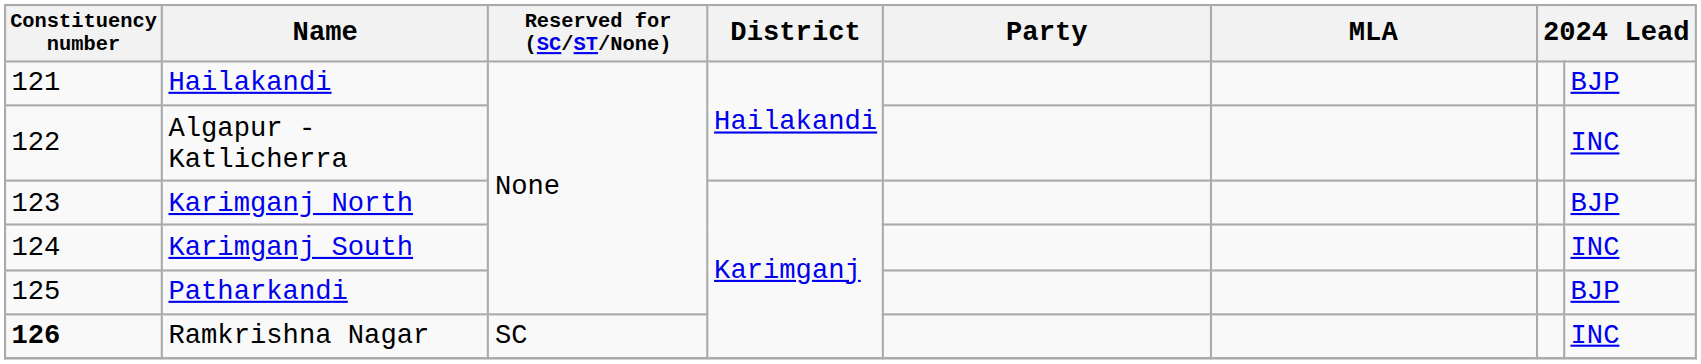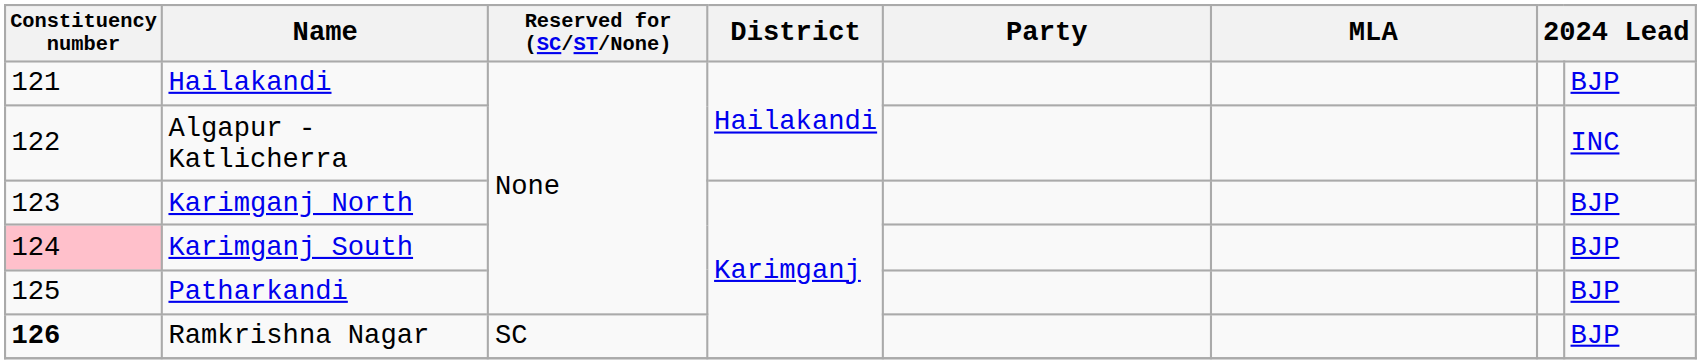 <table class="wikitable sortable">
 <tr>
 <th width="50px" style="font-size:75%">Constituency number</th>
 <th width="150px">Name</th>
 <th width="100px" style="font-size:75%">Reserved for (<a href='#'>SC</a>/<a href='#'>ST</a>/None)</th>
 <th>District</th>
 <th width="150px">Party</th>
 <th width="150px">MLA</th>
 <th colspan="2">2024 Lead</th>
 </tr>
 <tr>
 <td>121</td>
 <td><a href='#'>Hailakandi</a></td>
 <td Rowspan=5>None</td>
 <td rowspan="2"><a href='#'>Hailakandi</a></td>
 <td></td>
 <td></td>
 <td style="background-color: "></td>
 <td><a href='#'>BJP</a></td>
 </tr>
 <tr>
 <td>122</td>
 <td>Algapur - Katlicherra</td>
 <td></td>
 <td></td>
 <td style="background-color: "></td>
 <td><a href='#'>INC</a></td>
 </tr>
 <tr>
 <td>123</td>
 <td><a href='#'>Karimganj North</a></td>
 <td rowspan="4"><a href='#'>Karimganj</a></td>
 <td></td>
 <td></td>
 <td style="background-color: "></td>
 <td><a href='#'>BJP</a></td>
 </tr>
 <tr>
-<td>124</td>
+<td style="background: pink;">124</td>
 <td><a href='#'>Karimganj South</a></td>
 <td></td>
 <td></td>
 <td style="background-color: "></td>
-<td><a href='#'>INC</a></td>
+<td><a href='#'>BJP</a></td>
 </tr>
 <tr>
 <td>125</td>
 <td><a href='#'>Patharkandi</a></td>
 <td></td>
 <td></td>
 <td style="background-color: "></td>
 <td><a href='#'>BJP</a></td>
 </tr>
 <tr>
 <td><strong>126</strong></td>
 <td>Ramkrishna Nagar</td>
 <td>SC</td>
 <td></td>
 <td></td>
 <td style="background-color: "></td>
-<td><a href='#'>INC</a></td>
+<td><a href='#'>BJP</a></td>
 </tr>
 <tr>
 </tr>
 </table>
